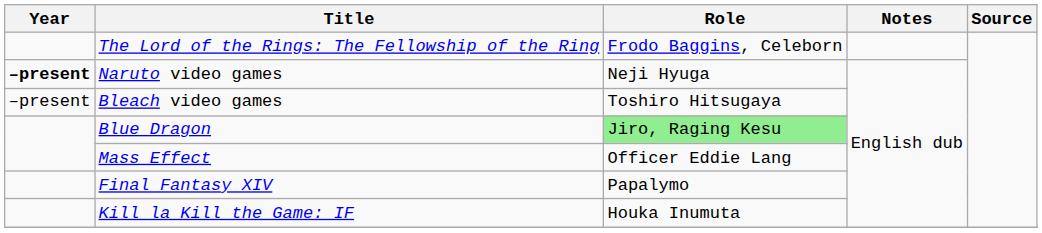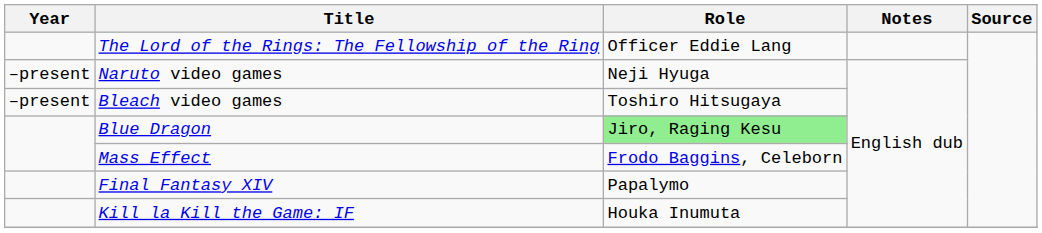 <table class="wikitable sortable plainrowheaders">
 <tr>
 <th>Year</th>
 <th>Title</th>
 <th>Role</th>
 <th class="unsortable">Notes</th>
 <th class="unsortable">Source</th>
 </tr>
 <tr>
 <td></td>
 <td><em><a href='#'>The Lord of the Rings: The Fellowship of the Ring</a></em></td>
-<td><a href='#'>Frodo Baggins</a>, Celeborn</td>
+<td>Officer Eddie Lang</td>
 <td></td>
 <td rowspan="7"></td>
 </tr>
 <tr>
-<td><strong>–present</strong></td>
+<td>–present</td>
 <td><em><a href='#'>Naruto</a></em> video games</td>
 <td>Neji Hyuga</td>
 <td rowspan="6">English dub</td>
 </tr>
 <tr>
 <td>–present</td>
 <td><em><a href='#'>Bleach</a></em> video games</td>
 <td>Toshiro Hitsugaya</td>
 </tr>
 <tr>
 <td rowspan="2"></td>
 <td><em><a href='#'>Blue Dragon</a></em></td>
 <td style="background: lightgreen;">Jiro, Raging Kesu</td>
 </tr>
 <tr>
 <td><em><a href='#'>Mass Effect</a></em></td>
-<td>Officer Eddie Lang</td>
+<td><a href='#'>Frodo Baggins</a>, Celeborn</td>
 </tr>
 <tr>
 <td></td>
 <td><em><a href='#'>Final Fantasy XIV</a></em></td>
 <td>Papalymo</td>
 </tr>
 <tr>
 <td></td>
 <td><em><a href='#'>Kill la Kill the Game: IF</a></em></td>
 <td>Houka Inumuta</td>
 </tr>
 <tr>
 </tr>
 </table>
